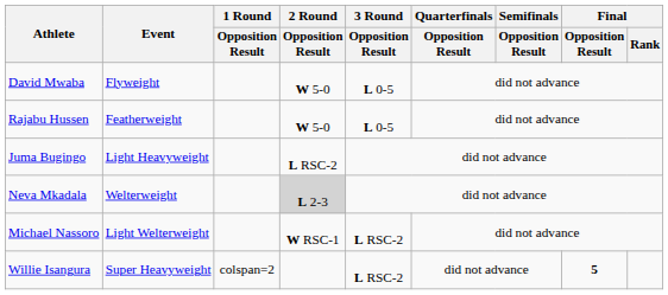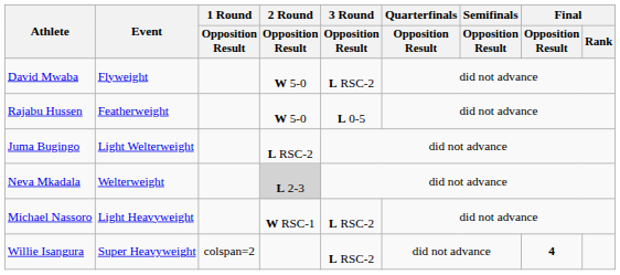 <table class="wikitable" style="font-size:90%">
 <tr>
 <th rowspan="2">Athlete</th>
 <th rowspan="2">Event</th>
 <th>1 Round</th>
 <th>2 Round</th>
 <th>3 Round</th>
 <th>Quarterfinals</th>
 <th>Semifinals</th>
 <th colspan=2>Final</th>
 </tr>
 <tr style="font-size:95%">
 <th>Opposition<br>Result</th>
 <th>Opposition<br>Result</th>
 <th>Opposition<br>Result</th>
 <th>Opposition<br>Result</th>
 <th>Opposition<br>Result</th>
 <th>Opposition<br>Result</th>
 <th>Rank</th>
 </tr>
 <tr align=center>
 <td align=left><a href='#'>David Mwaba</a></td>
 <td align=left><a href='#'>Flyweight</a></td>
 <td></td>
 <td><br><strong>W</strong> 5-0</td>
-<td><br><strong>L</strong> 0-5</td>
+<td><br><strong>L</strong> RSC-2</td>
 <td colspan=4>did not advance</td>
 </tr>
 <tr align=center>
 <td align=left><a href='#'>Rajabu Hussen</a></td>
 <td align=left><a href='#'>Featherweight</a></td>
 <td></td>
 <td><br><strong>W</strong> 5-0</td>
 <td><br><strong>L</strong> 0-5</td>
 <td colspan=4>did not advance</td>
 </tr>
 <tr align=center>
 <td align=left><a href='#'>Juma Bugingo</a></td>
-<td align=left><a href='#'>Light Heavyweight</a></td>
+<td align=left><a href='#'>Light Welterweight</a></td>
 <td></td>
 <td><br><strong>L</strong> RSC-2</td>
 <td colspan=5>did not advance</td>
 </tr>
 <tr align=center>
 <td align=left><a href='#'>Neva Mkadala</a></td>
 <td align=left><a href='#'>Welterweight</a></td>
 <td></td>
 <td style="background: lightgrey;"><br><strong>L</strong> 2-3</td>
 <td colspan=5>did not advance</td>
 </tr>
 <tr align=center>
 <td align=left><a href='#'>Michael Nassoro</a></td>
-<td align=left><a href='#'>Light Welterweight</a></td>
+<td align=left><a href='#'>Light Heavyweight</a></td>
 <td></td>
 <td><br><strong>W</strong> RSC-1</td>
 <td><br><strong>L</strong> RSC-2</td>
 <td colspan=4>did not advance</td>
 </tr>
 <tr align=center>
 <td align=left><a href='#'>Willie Isangura</a></td>
 <td align=left><a href='#'>Super Heavyweight</a></td>
 <td>colspan=2 </td>
 <td></td>
 <td><br><strong>L</strong> RSC-2</td>
 <td colspan=2>did not advance</td>
-<td><strong>5</strong></td>
+<td><strong>4</strong></td>
 </tr>
 </table>
